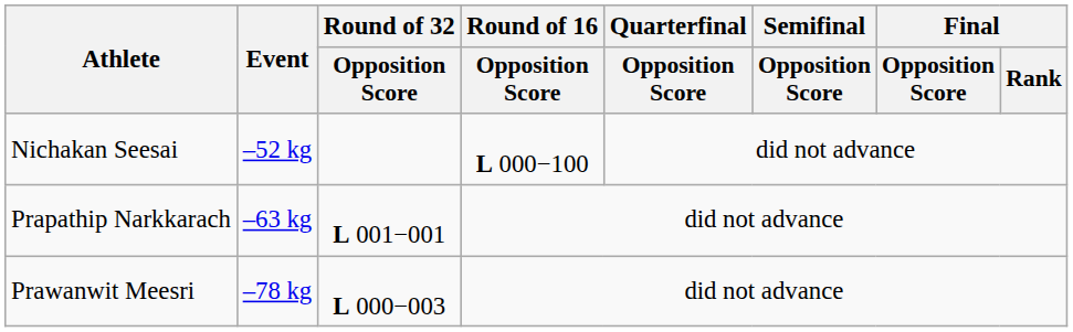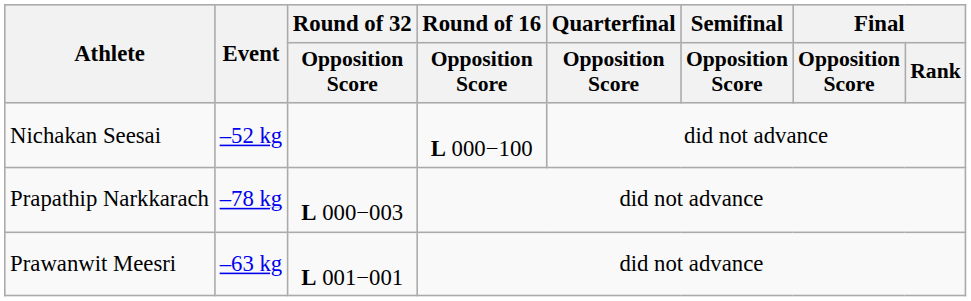 <table class=wikitable style=font-size:90%;text-align:center>
 <tr>
 <th rowspan=2>Athlete</th>
 <th rowspan=2>Event</th>
 <th>Round of 32</th>
 <th>Round of 16</th>
 <th>Quarterfinal</th>
 <th>Semifinal</th>
 <th colspan=2>Final</th>
 </tr>
 <tr style=font-size:95%>
 <th>Opposition<br>Score</th>
 <th>Opposition<br>Score</th>
 <th>Opposition<br>Score</th>
 <th>Opposition<br>Score</th>
 <th>Opposition<br>Score</th>
 <th>Rank</th>
 </tr>
 <tr>
 <td align=left>Nichakan Seesai</td>
 <td align=left><a href='#'>–52 kg</a></td>
 <td></td>
 <td><br><strong>L</strong> 000−100</td>
 <td colspan=4>did not advance</td>
 </tr>
 <tr>
 <td align=left>Prapathip Narkkarach</td>
+<td align=left><a href='#'>–78 kg</a></td>
+<td><br><strong>L</strong> 000−003</td>
+<td colspan=5>did not advance</td>
+</tr>
+<tr>
+<td align=left>Prawanwit Meesri</td>
 <td align=left><a href='#'>–63 kg</a></td>
 <td><br><strong>L</strong> 001−001</td>
 <td colspan=5>did not advance</td>
 </tr>
-<tr>
-<td align=left>Prawanwit Meesri</td>
-<td align=left><a href='#'>–78 kg</a></td>
-<td><br><strong>L</strong> 000−003</td>
-<td colspan=5>did not advance</td>
-</tr>
 </table>
